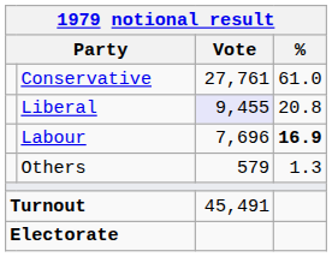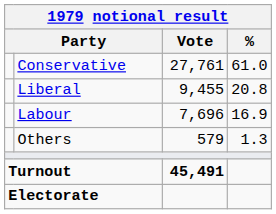 <table class="wikitable">
 <tr>
 <th colspan="4"><a href='#'>1979</a> <a href='#'>notional result</a></th>
 </tr>
 <tr>
 <th bgcolor="#DDDDFF" width="130px" colspan="2">Party</th>
 <th bgcolor="#DDDDFF" width="50px">Vote</th>
 <th bgcolor="#DDDDFF" width="30px">%</th>
 </tr>
 <tr>
 <td></td>
 <td><a href='#'>Conservative</a></td>
 <td align=right>27,761</td>
 <td align=right>61.0</td>
 </tr>
 <tr>
 <td></td>
 <td><a href='#'>Liberal</a></td>
-<td align=right style="background: lavender;">9,455</td>
+<td align=right>9,455</td>
 <td align=right>20.8</td>
 </tr>
 <tr>
 <td></td>
 <td><a href='#'>Labour</a></td>
 <td align=right>7,696</td>
-<td align=right><strong>16.9</strong></td>
+<td align=right>16.9</td>
 </tr>
 <tr>
 <td></td>
 <td>Others</td>
 <td align=right>579</td>
 <td align=right>1.3</td>
 </tr>
 <tr>
 <td colspan="4" bgcolor="#EAECF0"></td>
 </tr>
 <tr>
 <td colspan="2"><strong>Turnout</strong></td>
-<td align=right>45,491</td>
+<td align=right><strong>45,491</strong></td>
 <td align=right></td>
 </tr>
 <tr>
 <td colspan="2"><strong>Electorate</strong></td>
 <td align=right></td>
 </tr>
 </table>
